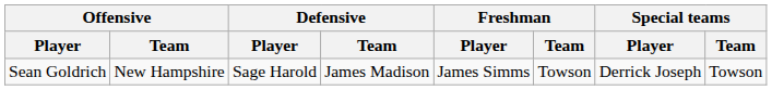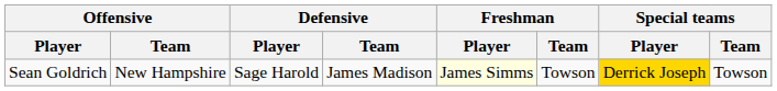 <table class="wikitable" border="1">
 <tr>
 <th colspan="2">Offensive</th>
 <th colspan="2">Defensive</th>
 <th colspan="2">Freshman</th>
 <th colspan="2">Special teams</th>
 </tr>
 <tr>
 <th>Player</th>
 <th>Team</th>
 <th>Player</th>
 <th>Team</th>
 <th>Player</th>
 <th>Team</th>
 <th>Player</th>
 <th>Team</th>
 </tr>
 <tr>
 <td>Sean Goldrich</td>
 <td>New Hampshire</td>
 <td>Sage Harold</td>
 <td>James Madison</td>
-<td>James Simms</td>
+<td style="background: lightyellow;">James Simms</td>
 <td>Towson</td>
-<td>Derrick Joseph</td>
+<td style="background: gold;">Derrick Joseph</td>
 <td>Towson</td>
 </tr>
 </table>
